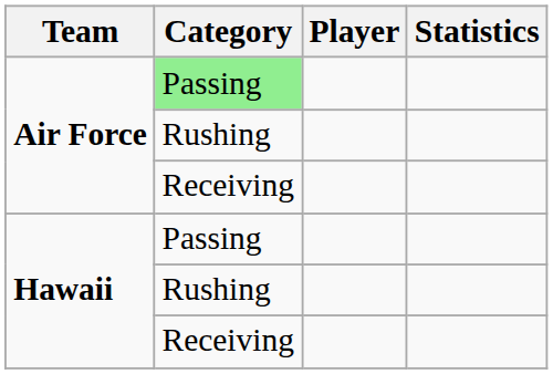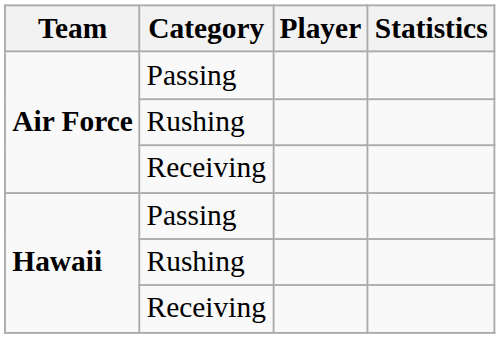 <table class="wikitable" style="float: right;">
 <tr>
 <th>Team</th>
 <th>Category</th>
 <th>Player</th>
 <th>Statistics</th>
 </tr>
 <tr>
 <td rowspan=3><strong>Air Force</strong></td>
-<td style="background: lightgreen;">Passing</td>
+<td>Passing</td>
 <td></td>
 <td></td>
 </tr>
 <tr>
 <td>Rushing</td>
 <td></td>
 <td></td>
 </tr>
 <tr>
 <td>Receiving</td>
 <td></td>
 <td></td>
 </tr>
 <tr>
 <td rowspan=3><strong>Hawaii</strong></td>
 <td>Passing</td>
 <td></td>
 <td></td>
 </tr>
 <tr>
 <td>Rushing</td>
 <td></td>
 <td></td>
 </tr>
 <tr>
 <td>Receiving</td>
 <td></td>
 <td></td>
 </tr>
 </table>
